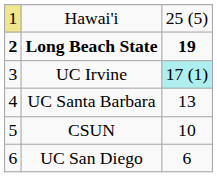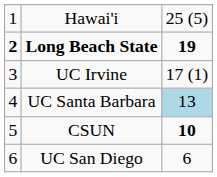 <table class="wikitable">
 <tr align="center">
 </tr>
 <tr align="center">
-<td style="background: khaki;">1</td>
+<td>1</td>
 <td>Hawai'i</td>
 <td>25 (5)</td>
 </tr>
 <tr align="center">
 <td><strong>2</strong></td>
 <td><strong>Long Beach State</strong></td>
 <td><strong>19</strong></td>
 </tr>
 <tr align="center">
 <td>3</td>
 <td>UC Irvine</td>
-<td style="background: paleturquoise;">17 (1)</td>
+<td>17 (1)</td>
 </tr>
 <tr align="center">
 <td>4</td>
 <td>UC Santa Barbara</td>
-<td>13</td>
+<td style="background: lightblue;">13</td>
 </tr>
 <tr align="center">
 <td>5</td>
 <td>CSUN</td>
-<td>10</td>
+<td><strong>10</strong></td>
 </tr>
 <tr align="center">
 <td>6</td>
 <td>UC San Diego</td>
 <td>6</td>
 </tr>
 </table>
